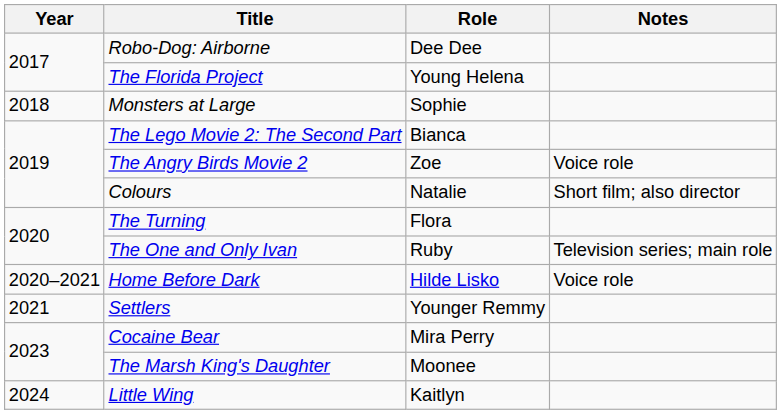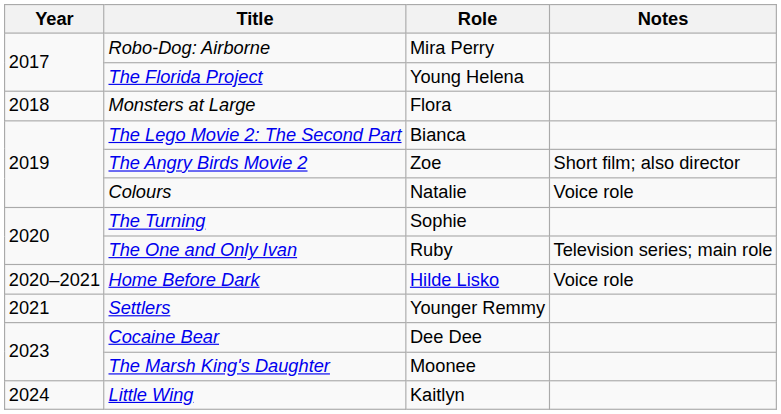 <table class="wikitable">
 <tr>
 <th scope="col">Year</th>
 <th scope="col">Title</th>
 <th scope="col">Role</th>
 <th scope="col">Notes</th>
 </tr>
 <tr>
 <td rowspan="2">2017</td>
 <td><em>Robo-Dog: Airborne</em></td>
-<td>Dee Dee</td>
+<td>Mira Perry</td>
 <td></td>
 </tr>
 <tr>
 <td><em><a href='#'>The Florida Project</a></em></td>
 <td>Young Helena</td>
 <td></td>
 </tr>
 <tr>
 <td>2018</td>
 <td><em>Monsters at Large</em></td>
-<td>Sophie</td>
+<td>Flora</td>
 <td></td>
 </tr>
 <tr>
 <td rowspan="3">2019</td>
 <td><em><a href='#'>The Lego Movie 2: The Second Part</a></em></td>
 <td>Bianca</td>
 <td></td>
 </tr>
 <tr>
 <td><em><a href='#'>The Angry Birds Movie 2</a></em></td>
 <td>Zoe</td>
-<td>Voice role</td>
+<td>Short film; also director</td>
 </tr>
 <tr>
 <td><em>Colours</em></td>
 <td>Natalie</td>
-<td>Short film; also director</td>
+<td>Voice role</td>
 </tr>
 <tr>
 <td rowspan=2>2020</td>
 <td><em><a href='#'>The Turning</a></em></td>
-<td>Flora</td>
+<td>Sophie</td>
 <td></td>
 </tr>
 <tr>
 <td><em><a href='#'>The One and Only Ivan</a></em></td>
 <td>Ruby</td>
 <td>Television series; main role</td>
 </tr>
 <tr>
 <td>2020–2021</td>
 <td><em><a href='#'>Home Before Dark</a></em></td>
 <td><a href='#'>Hilde Lisko</a></td>
 <td>Voice role</td>
 </tr>
 <tr>
 <td>2021</td>
 <td><em><a href='#'>Settlers</a></em></td>
 <td>Younger Remmy</td>
 <td></td>
 </tr>
 <tr>
 <td rowspan=2>2023</td>
 <td><em><a href='#'>Cocaine Bear</a></em></td>
-<td>Mira Perry</td>
+<td>Dee Dee</td>
 <td></td>
 </tr>
 <tr>
 <td><em><a href='#'>The Marsh King's Daughter</a></em></td>
 <td>Moonee</td>
 <td></td>
 </tr>
 <tr>
 <td>2024</td>
 <td><em><a href='#'>Little Wing</a></em></td>
 <td>Kaitlyn</td>
 <td></td>
 </tr>
 </table>
